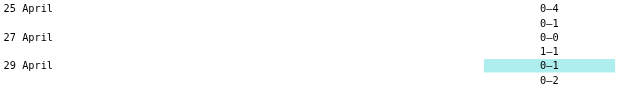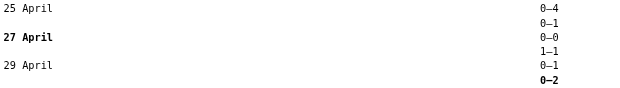 <table cellspacing=1 width=70%>
 <tr>
 <th width=25%></th>
 <th width=30%></th>
 <th width=15%></th>
 <th width=30%></th>
 </tr>
 <tr>
 <td>25 April</td>
 <td align=right></td>
 <td align=center>0–4</td>
 <td></td>
 </tr>
 <tr>
 <td></td>
 <td align=right></td>
 <td align=center>0–1</td>
 <td></td>
 </tr>
 <tr>
-<td>27 April</td>
+<td><strong>27 April</strong></td>
 <td align=right></td>
 <td align=center>0–0</td>
 <td></td>
 </tr>
 <tr>
 <td></td>
 <td align=right></td>
 <td align=center>1–1</td>
 <td></td>
 </tr>
 <tr>
 <td>29 April</td>
 <td align=right></td>
-<td align=center style="background: paleturquoise;">0–1</td>
+<td align=center>0–1</td>
 <td></td>
 </tr>
 <tr>
 <td></td>
 <td align=right></td>
-<td align=center>0–2</td>
+<td align=center><strong>0–2</strong></td>
 <td></td>
 </tr>
 </table>
